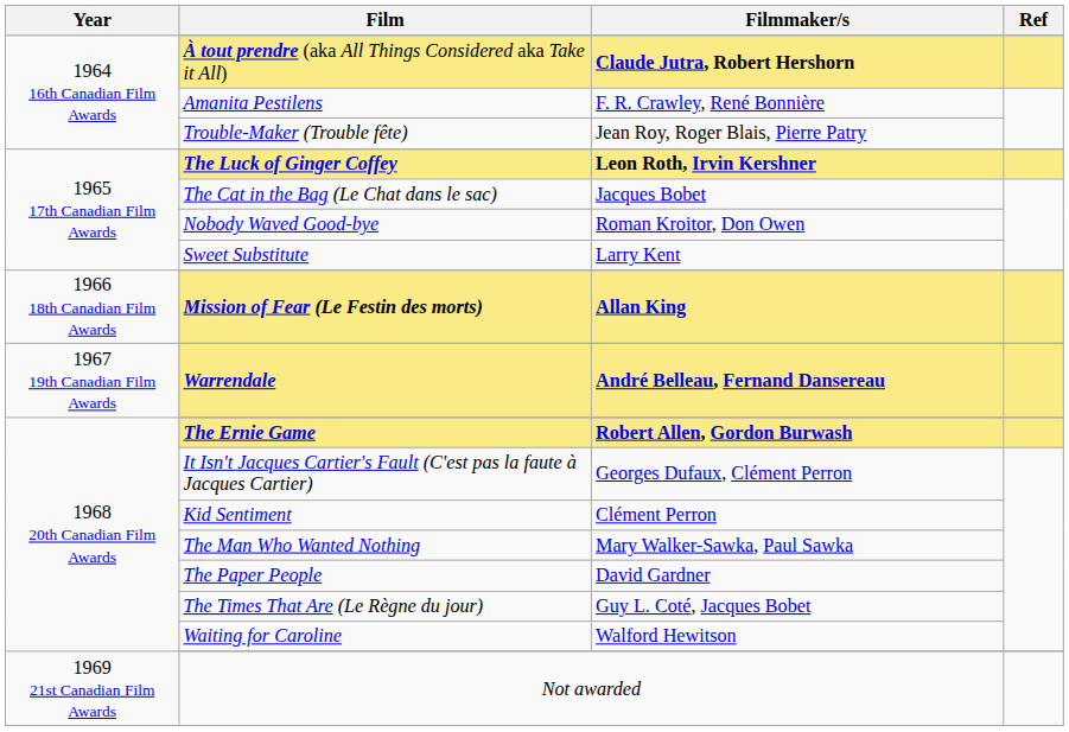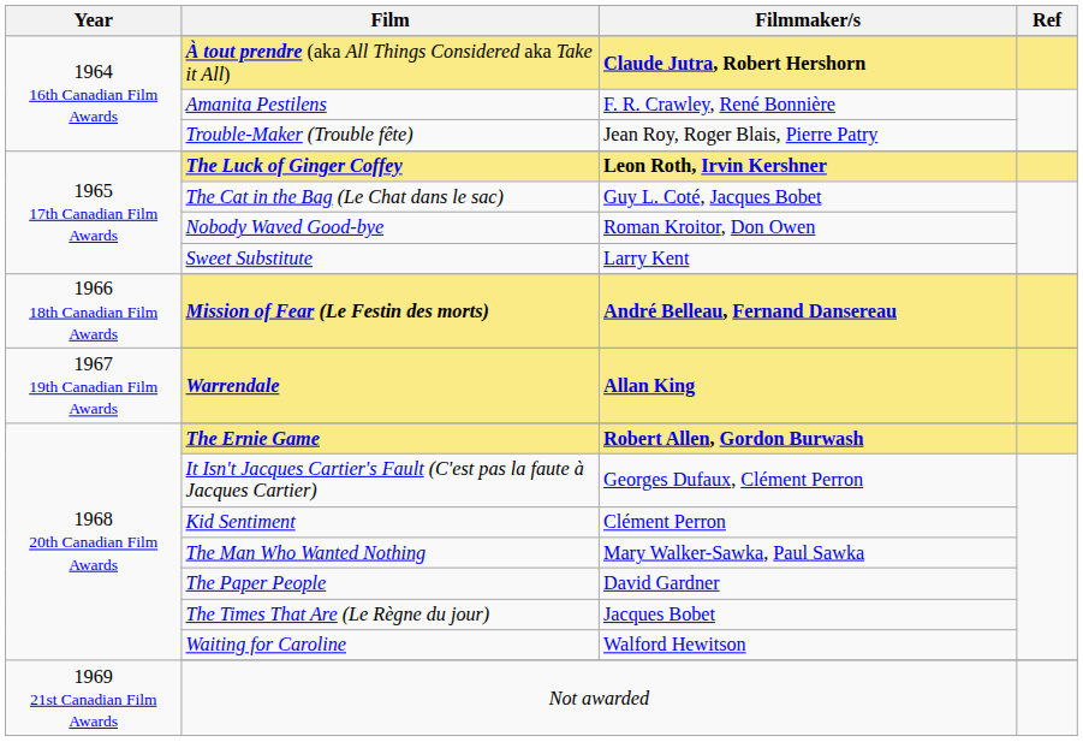 <table class="wikitable" style="width:100%;">
 <tr style="background:#bebebe;">
 <th style="width:8%;">Year</th>
 <th style="width:19%;">Film</th>
 <th style="width:19%;">Filmmaker/s</th>
 <th style="width:2%;">Ref</th>
 </tr>
 <tr>
 <td rowspan=4 align="center">1964 <br> <small><a href='#'>16th Canadian Film Awards</a></small></td>
 </tr>
 <tr style="background:#FAEB86;">
 <td><strong><em><a href='#'>À tout prendre</a></em></strong> (aka <em>All Things Considered</em> aka <em>Take it All</em>)</td>
 <td><strong><a href='#'>Claude Jutra</a>, Robert Hershorn</strong></td>
 <td></td>
 </tr>
 <tr>
 <td><em><a href='#'>Amanita Pestilens</a></em></td>
 <td><a href='#'>F. R. Crawley</a>, <a href='#'>René Bonnière</a></td>
 <td rowspan=2></td>
 </tr>
 <tr>
 <td><em><a href='#'>Trouble-Maker</a> (Trouble fête)</em></td>
 <td>Jean Roy, Roger Blais, <a href='#'>Pierre Patry</a></td>
 </tr>
 <tr>
 <td rowspan=5 align="center">1965 <br> <small><a href='#'>17th Canadian Film Awards</a></small></td>
 </tr>
 <tr style="background:#FAEB86;">
 <td><strong><em><a href='#'>The Luck of Ginger Coffey</a></em></strong></td>
 <td><strong>Leon Roth, <a href='#'>Irvin Kershner</a></strong></td>
 <td></td>
 </tr>
 <tr>
 <td><em><a href='#'>The Cat in the Bag</a> (Le Chat dans le sac)</em></td>
-<td><a href='#'>Jacques Bobet</a></td>
+<td><a href='#'>Guy L. Coté</a>, <a href='#'>Jacques Bobet</a></td>
 <td rowspan=3></td>
 </tr>
 <tr>
 <td><em><a href='#'>Nobody Waved Good-bye</a></em></td>
 <td><a href='#'>Roman Kroitor</a>, <a href='#'>Don Owen</a></td>
 </tr>
 <tr>
 <td><em><a href='#'>Sweet Substitute</a></em></td>
 <td><a href='#'>Larry Kent</a></td>
 </tr>
 <tr>
 <td rowspan=2 align="center">1966 <br> <small><a href='#'>18th Canadian Film Awards</a></small></td>
 </tr>
 <tr style="background:#FAEB86;">
 <td><strong><em><a href='#'>Mission of Fear</a> (Le Festin des morts)</em></strong></td>
-<td><strong><a href='#'>Allan King</a></strong></td>
+<td><strong><a href='#'>André Belleau</a>, <a href='#'>Fernand Dansereau</a></strong></td>
 <td></td>
 </tr>
 <tr>
 <td rowspan=2 align="center">1967 <br> <small><a href='#'>19th Canadian Film Awards</a></small></td>
 </tr>
 <tr style="background:#FAEB86;">
 <td><strong><em><a href='#'>Warrendale</a></em></strong></td>
-<td><strong><a href='#'>André Belleau</a>, <a href='#'>Fernand Dansereau</a></strong></td>
+<td><strong><a href='#'>Allan King</a></strong></td>
 <td></td>
 </tr>
 <tr>
 <td rowspan=8 align="center">1968 <br> <small><a href='#'>20th Canadian Film Awards</a></small></td>
 </tr>
 <tr style="background:#FAEB86;">
 <td><strong><em><a href='#'>The Ernie Game</a></em></strong></td>
 <td><strong><a href='#'>Robert Allen</a>, <a href='#'>Gordon Burwash</a></strong></td>
 <td></td>
 </tr>
 <tr>
 <td><em><a href='#'>It Isn't Jacques Cartier's Fault</a> (C'est pas la faute à Jacques Cartier)</em></td>
 <td><a href='#'>Georges Dufaux</a>, <a href='#'>Clément Perron</a></td>
 <td rowspan=6></td>
 </tr>
 <tr>
 <td><em><a href='#'>Kid Sentiment</a></em></td>
 <td><a href='#'>Clément Perron</a></td>
 </tr>
 <tr>
 <td><em><a href='#'>The Man Who Wanted Nothing</a></em></td>
 <td><a href='#'>Mary Walker-Sawka</a>, <a href='#'>Paul Sawka</a></td>
 </tr>
 <tr>
 <td><em><a href='#'>The Paper People</a></em></td>
 <td><a href='#'>David Gardner</a></td>
 </tr>
 <tr>
 <td><em><a href='#'>The Times That Are</a> (Le Règne du jour)</em></td>
-<td><a href='#'>Guy L. Coté</a>, <a href='#'>Jacques Bobet</a></td>
+<td><a href='#'>Jacques Bobet</a></td>
 </tr>
 <tr>
 <td><em><a href='#'>Waiting for Caroline</a></em></td>
 <td><a href='#'>Walford Hewitson</a></td>
 </tr>
 <tr>
 <td rowspan=2 align="center">1969 <br> <small><a href='#'>21st Canadian Film Awards</a></small></td>
 </tr>
 <tr>
 <td colspan=2 align=center><em>Not awarded</em></td>
 <td></td>
 </tr>
 </table>
